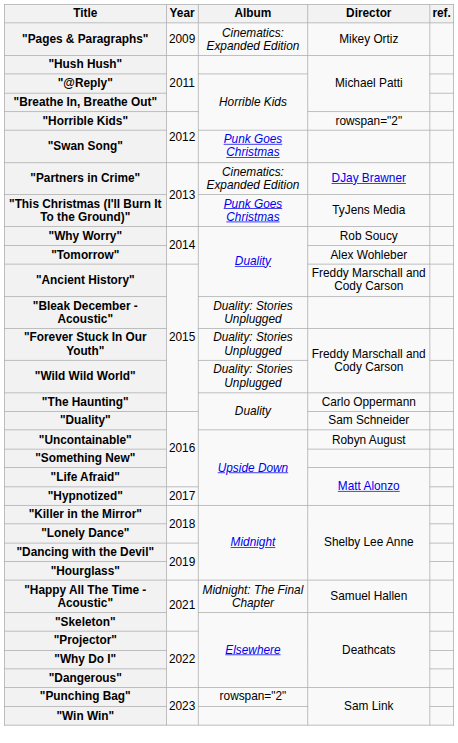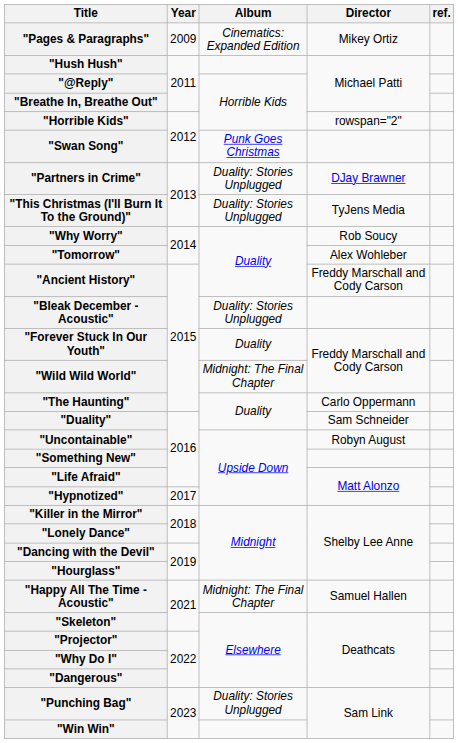 <table class="wikitable plainrowheaders" style="text-align:center;">
 <tr>
 <th scope="col" rowspan="1">Title</th>
 <th scope="col" rowspan="1">Year</th>
 <th scope="col" rowspan="1">Album</th>
 <th scope="col" rowspan="1">Director</th>
 <th>ref.</th>
 </tr>
 <tr>
 <th scope="row">"Pages & Paragraphs"</th>
 <td>2009</td>
 <td><em>Cinematics: Expanded Edition</em></td>
 <td>Mikey Ortiz</td>
 <td></td>
 </tr>
 <tr>
 <th scope="row">"Hush Hush"</th>
 <td rowspan="3">2011</td>
 <td></td>
 <td rowspan="3">Michael Patti</td>
 <td></td>
 </tr>
 <tr>
 <th scope="row">"@Reply"</th>
 <td rowspan="3"><em>Horrible Kids</em></td>
 <td></td>
 </tr>
 <tr>
 <th scope="row">"Breathe In, Breathe Out"</th>
 <td></td>
 </tr>
 <tr>
 <th scope="row">"Horrible Kids"</th>
 <td rowspan="2">2012</td>
 <td>rowspan="2" </td>
 <td></td>
 </tr>
 <tr>
 <th scope="row">"Swan Song"</th>
 <td><em><a href='#'>Punk Goes Christmas</a></em></td>
 <td></td>
 </tr>
 <tr>
 <th scope="row">"Partners in Crime"</th>
 <td rowspan="2">2013</td>
-<td><em>Cinematics: Expanded Edition</em></td>
+<td><em>Duality: Stories Unplugged</em></td>
 <td><a href='#'>DJay Brawner</a></td>
 <td></td>
 </tr>
 <tr>
 <th scope="row">"This Christmas (I'll Burn It To the Ground)"</th>
-<td><em><a href='#'>Punk Goes Christmas</a></em></td>
+<td><em>Duality: Stories Unplugged</em></td>
 <td>TyJens Media</td>
 <td></td>
 </tr>
 <tr>
 <th scope="row">"Why Worry"</th>
 <td rowspan="2">2014</td>
 <td rowspan="3"><em><a href='#'>Duality</a></em></td>
 <td>Rob Soucy</td>
 <td></td>
 </tr>
 <tr>
 <th scope="row">"Tomorrow"</th>
 <td>Alex Wohleber</td>
 <td></td>
 </tr>
 <tr>
 <th scope="row">"Ancient History"</th>
 <td rowspan="5">2015</td>
 <td>Freddy Marschall and Cody Carson</td>
 <td></td>
 </tr>
 <tr>
 <th scope="row">"Bleak December - Acoustic"</th>
 <td><em>Duality: Stories Unplugged</em></td>
 <td></td>
 <td></td>
 </tr>
 <tr>
 <th scope="row">"Forever Stuck In Our Youth"</th>
-<td><em>Duality: Stories Unplugged</em></td>
+<td><em>Duality</em></td>
 <td rowspan="2">Freddy Marschall and Cody Carson</td>
 <td></td>
 </tr>
 <tr>
 <th scope="row">"Wild Wild World"</th>
-<td><em>Duality: Stories Unplugged</em></td>
+<td><em>Midnight: The Final Chapter</em></td>
 <td></td>
 </tr>
 <tr>
 <th scope="row">"The Haunting"</th>
 <td rowspan="2"><em>Duality</em></td>
 <td>Carlo Oppermann</td>
 <td></td>
 </tr>
 <tr>
 <th scope="row">"Duality"</th>
 <td rowspan="4">2016</td>
 <td>Sam Schneider</td>
 <td></td>
 </tr>
 <tr>
 <th scope="row">"Uncontainable"</th>
 <td rowspan="4"><em><a href='#'>Upside Down</a></em></td>
 <td>Robyn August</td>
 <td></td>
 </tr>
 <tr>
 <th scope="row">"Something New"</th>
 <td></td>
 <td></td>
 </tr>
 <tr>
 <th scope="row">"Life Afraid"</th>
 <td rowspan="2"><a href='#'>Matt Alonzo</a></td>
 <td></td>
 </tr>
 <tr>
 <th scope="row">"Hypnotized"</th>
 <td>2017</td>
 <td></td>
 </tr>
 <tr>
 <th scope="row">"Killer in the Mirror"</th>
 <td rowspan="2">2018</td>
 <td rowspan="4"><em><a href='#'>Midnight</a></em></td>
 <td rowspan="4">Shelby Lee Anne</td>
 <td></td>
 </tr>
 <tr>
 <th scope="row">"Lonely Dance"</th>
 <td></td>
 </tr>
 <tr>
 <th scope="row">"Dancing with the Devil"</th>
 <td rowspan="2">2019</td>
 <td></td>
 </tr>
 <tr>
 <th scope="row">"Hourglass"</th>
 <td></td>
 </tr>
 <tr>
 <th scope="row">"Happy All The Time - Acoustic"</th>
 <td rowspan="2">2021</td>
 <td><em>Midnight: The Final Chapter</em></td>
 <td>Samuel Hallen</td>
 <td></td>
 </tr>
 <tr>
 <th scope="row">"Skeleton"</th>
 <td rowspan="4"><em><a href='#'>Elsewhere</a></em></td>
 <td rowspan="4">Deathcats</td>
 <td></td>
 </tr>
 <tr>
 <th scope="row">"Projector"</th>
 <td rowspan="3">2022</td>
 <td></td>
 </tr>
 <tr>
 <th scope="row">"Why Do I"</th>
 <td></td>
 </tr>
 <tr>
 <th scope="row">"Dangerous"</th>
 <td></td>
 </tr>
 <tr>
 <th scope="row">"Punching Bag"</th>
 <td rowspan="2">2023</td>
-<td>rowspan="2" </td>
+<td><em>Duality: Stories Unplugged</em></td>
 <td rowspan="2">Sam Link</td>
 <td></td>
 </tr>
 <tr>
 <th scope="row">"Win Win"</th>
 <td></td>
 </tr>
 </table>
